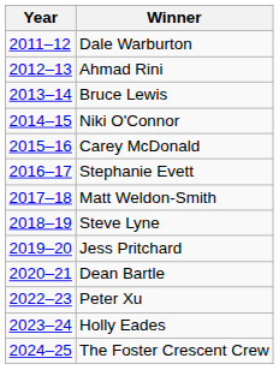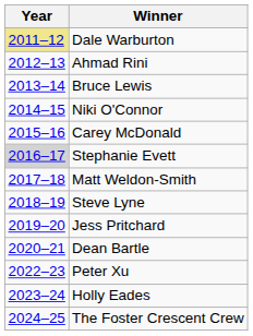 <table class="wikitable" border="1">
 <tr>
 <th>Year</th>
 <th>Winner</th>
 </tr>
 <tr>
-<td><a href='#'>2011–12</a></td>
+<td style="background: khaki;"><a href='#'>2011–12</a></td>
 <td style="text-align:left;">Dale Warburton</td>
 </tr>
 <tr>
 <td><a href='#'>2012–13</a></td>
 <td style="text-align:left;">Ahmad Rini</td>
 </tr>
 <tr>
 <td><a href='#'>2013–14</a></td>
 <td style="text-align:left;">Bruce Lewis</td>
 </tr>
 <tr>
 <td><a href='#'>2014–15</a></td>
 <td style="text-align:left;">Niki O'Connor</td>
 </tr>
 <tr>
 <td><a href='#'>2015–16</a></td>
 <td style="text-align:left;">Carey McDonald</td>
 </tr>
 <tr>
-<td><a href='#'>2016–17</a></td>
+<td style="background: lightgrey;"><a href='#'>2016–17</a></td>
 <td style="text-align:left;">Stephanie Evett</td>
 </tr>
 <tr>
 <td><a href='#'>2017–18</a></td>
 <td style="text-align:left;">Matt Weldon-Smith</td>
 </tr>
 <tr>
 <td><a href='#'>2018–19</a></td>
 <td style="text-align:left;">Steve Lyne</td>
 </tr>
 <tr>
 <td><a href='#'>2019–20</a></td>
 <td style="text-align:left;">Jess Pritchard</td>
 </tr>
 <tr>
 <td><a href='#'>2020–21</a></td>
 <td style="text-align:left;">Dean Bartle</td>
 </tr>
 <tr>
 <td><a href='#'>2022–23</a></td>
 <td style="text-align:left;">Peter Xu</td>
 </tr>
 <tr>
 <td><a href='#'>2023–24</a></td>
 <td>Holly Eades</td>
 </tr>
 <tr>
 <td><a href='#'>2024–25</a></td>
 <td>The Foster Crescent Crew</td>
 </tr>
 </table>
